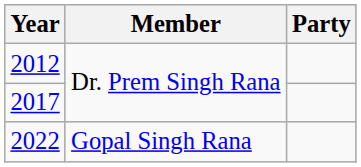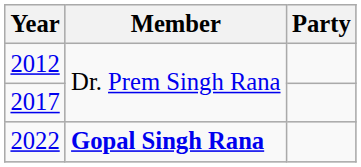 <table class="wikitable sortable">
 <tr>
 <th>Year</th>
 <th>Member</th>
 <th colspan="2">Party</th>
 </tr>
 <tr>
 <td><a href='#'>2012</a></td>
 <td rowspan=2>Dr. <a href='#'>Prem Singh Rana</a></td>
 <td></td>
 </tr>
 <tr>
 <td><a href='#'>2017</a></td>
 </tr>
 <tr>
 <td><a href='#'>2022</a></td>
-<td><a href='#'>Gopal Singh Rana</a></td>
+<td><strong><a href='#'>Gopal Singh Rana</a></strong></td>
 <td></td>
 </tr>
 </table>
